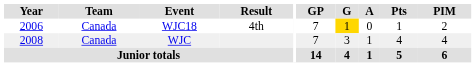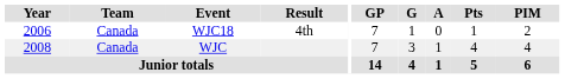 <table border="0" cellpadding="1" cellspacing="0" ID="Table3" style="text-align:center; width:40em">
 <tr ALIGN="center" bgcolor="#e0e0e0">
 <th>Year</th>
 <th>Team</th>
 <th>Event</th>
 <th>Result</th>
 <th rowspan="99" bgcolor="#ffffff"></th>
 <th>GP</th>
 <th>G</th>
 <th>A</th>
 <th>Pts</th>
 <th>PIM</th>
 </tr>
 <tr>
 <td><a href='#'>2006</a></td>
 <td><a href='#'>Canada</a></td>
 <td><a href='#'>WJC18</a></td>
 <td>4th</td>
 <td>7</td>
-<td style="background: gold;">1</td>
+<td>1</td>
 <td>0</td>
 <td>1</td>
 <td>2</td>
 </tr>
 <tr bgcolor="#f0f0f0">
 <td><a href='#'>2008</a></td>
 <td><a href='#'>Canada</a></td>
 <td><a href='#'>WJC</a></td>
 <td></td>
 <td>7</td>
 <td>3</td>
 <td>1</td>
 <td>4</td>
 <td>4</td>
 </tr>
 <tr bgcolor="#e0e0e0">
 <th colspan="4">Junior totals</th>
 <th>14</th>
 <th>4</th>
 <th>1</th>
 <th>5</th>
 <th>6</th>
 </tr>
 </table>
